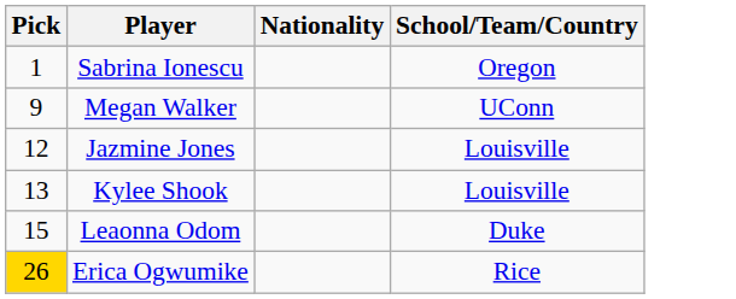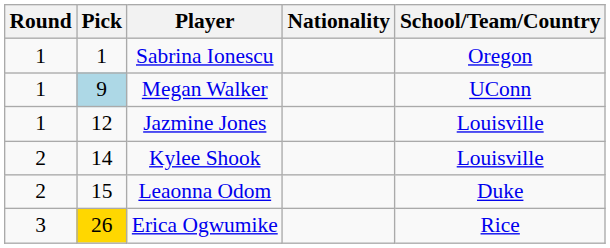 <table class="wikitable" style="text-align: center;">
 <tr>
+<th>Round</th>
 <th>Pick</th>
 <th>Player</th>
 <th>Nationality</th>
 <th>School/Team/Country</th>
 </tr>
 <tr>
 <td>1</td>
+<td>1</td>
 <td><a href='#'>Sabrina Ionescu</a></td>
 <td></td>
 <td><a href='#'>Oregon</a></td>
 </tr>
 <tr>
-<td>9</td>
+<td>1</td>
+<td style="background: lightblue;">9</td>
 <td><a href='#'>Megan Walker</a></td>
 <td></td>
 <td><a href='#'>UConn</a></td>
 </tr>
 <tr>
+<td>1</td>
 <td>12</td>
 <td><a href='#'>Jazmine Jones</a></td>
 <td></td>
 <td><a href='#'>Louisville</a></td>
 </tr>
 <tr>
-<td>13</td>
+<td>2</td>
+<td>14</td>
 <td><a href='#'>Kylee Shook</a></td>
 <td></td>
 <td><a href='#'>Louisville</a></td>
 </tr>
 <tr>
+<td>2</td>
 <td>15</td>
 <td><a href='#'>Leaonna Odom</a></td>
 <td></td>
 <td><a href='#'>Duke</a></td>
 </tr>
 <tr>
+<td>3</td>
 <td style="background: gold;">26</td>
 <td><a href='#'>Erica Ogwumike</a></td>
 <td></td>
 <td><a href='#'>Rice</a></td>
 </tr>
 </table>
